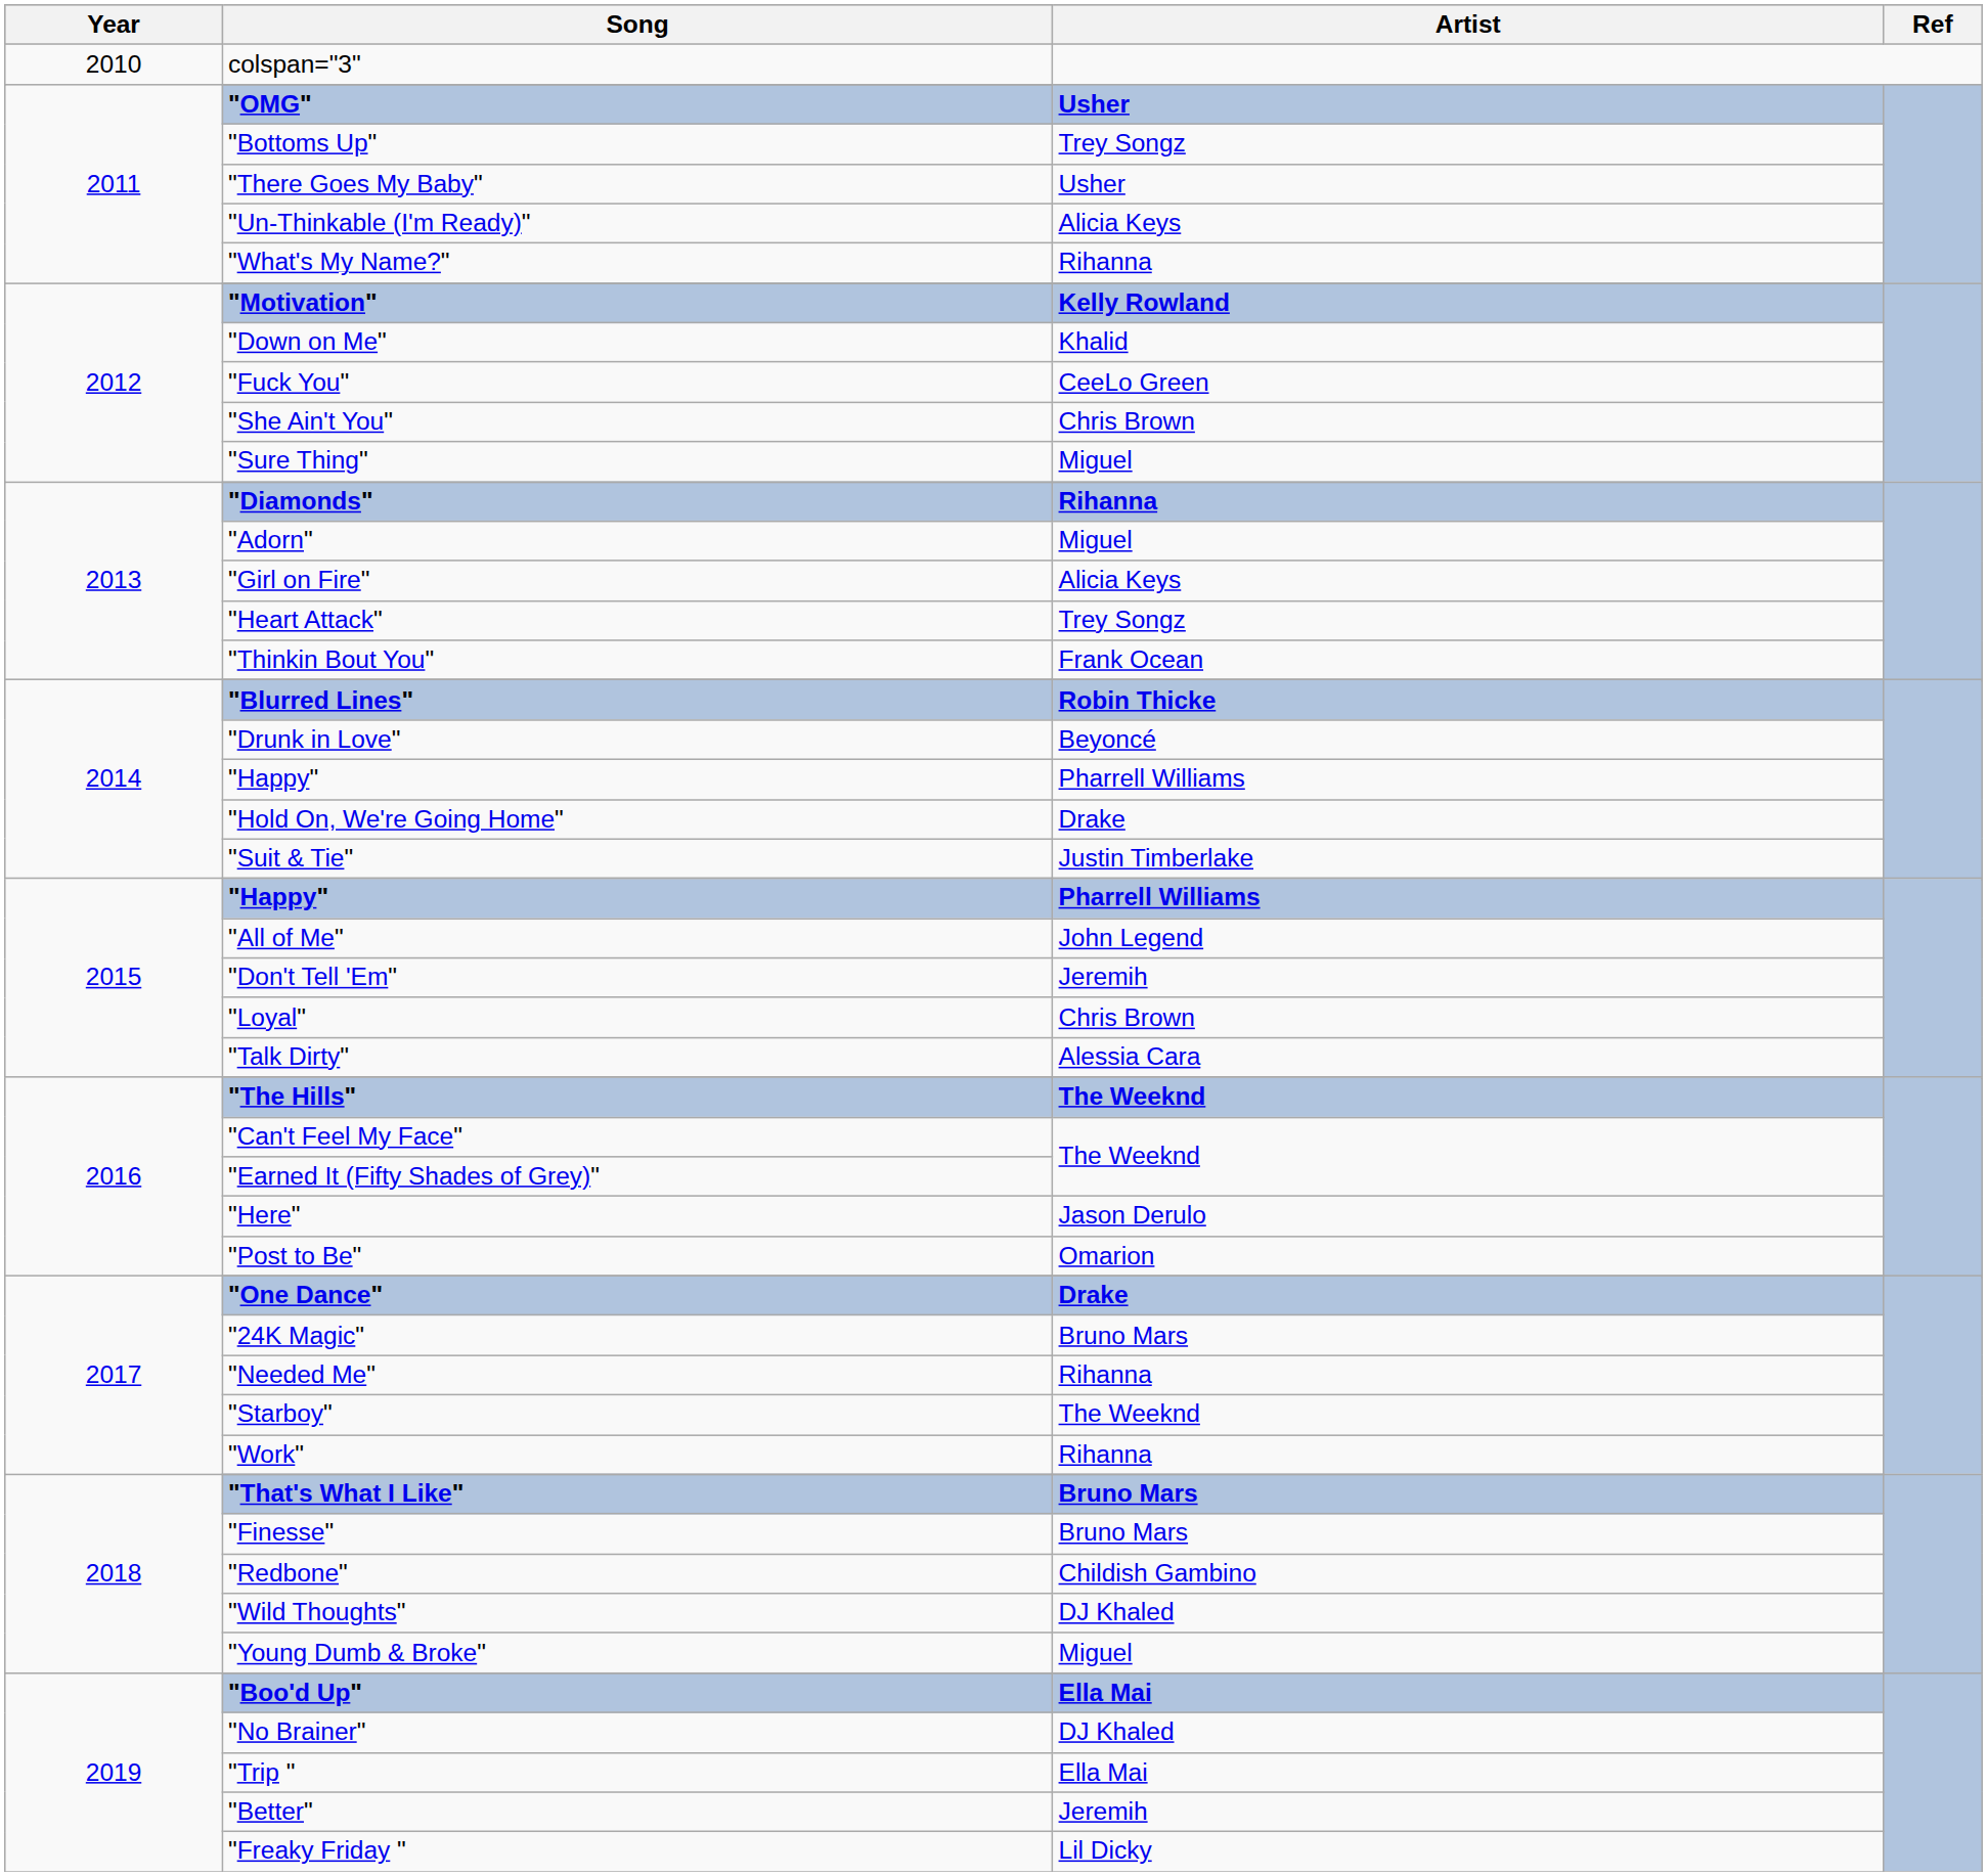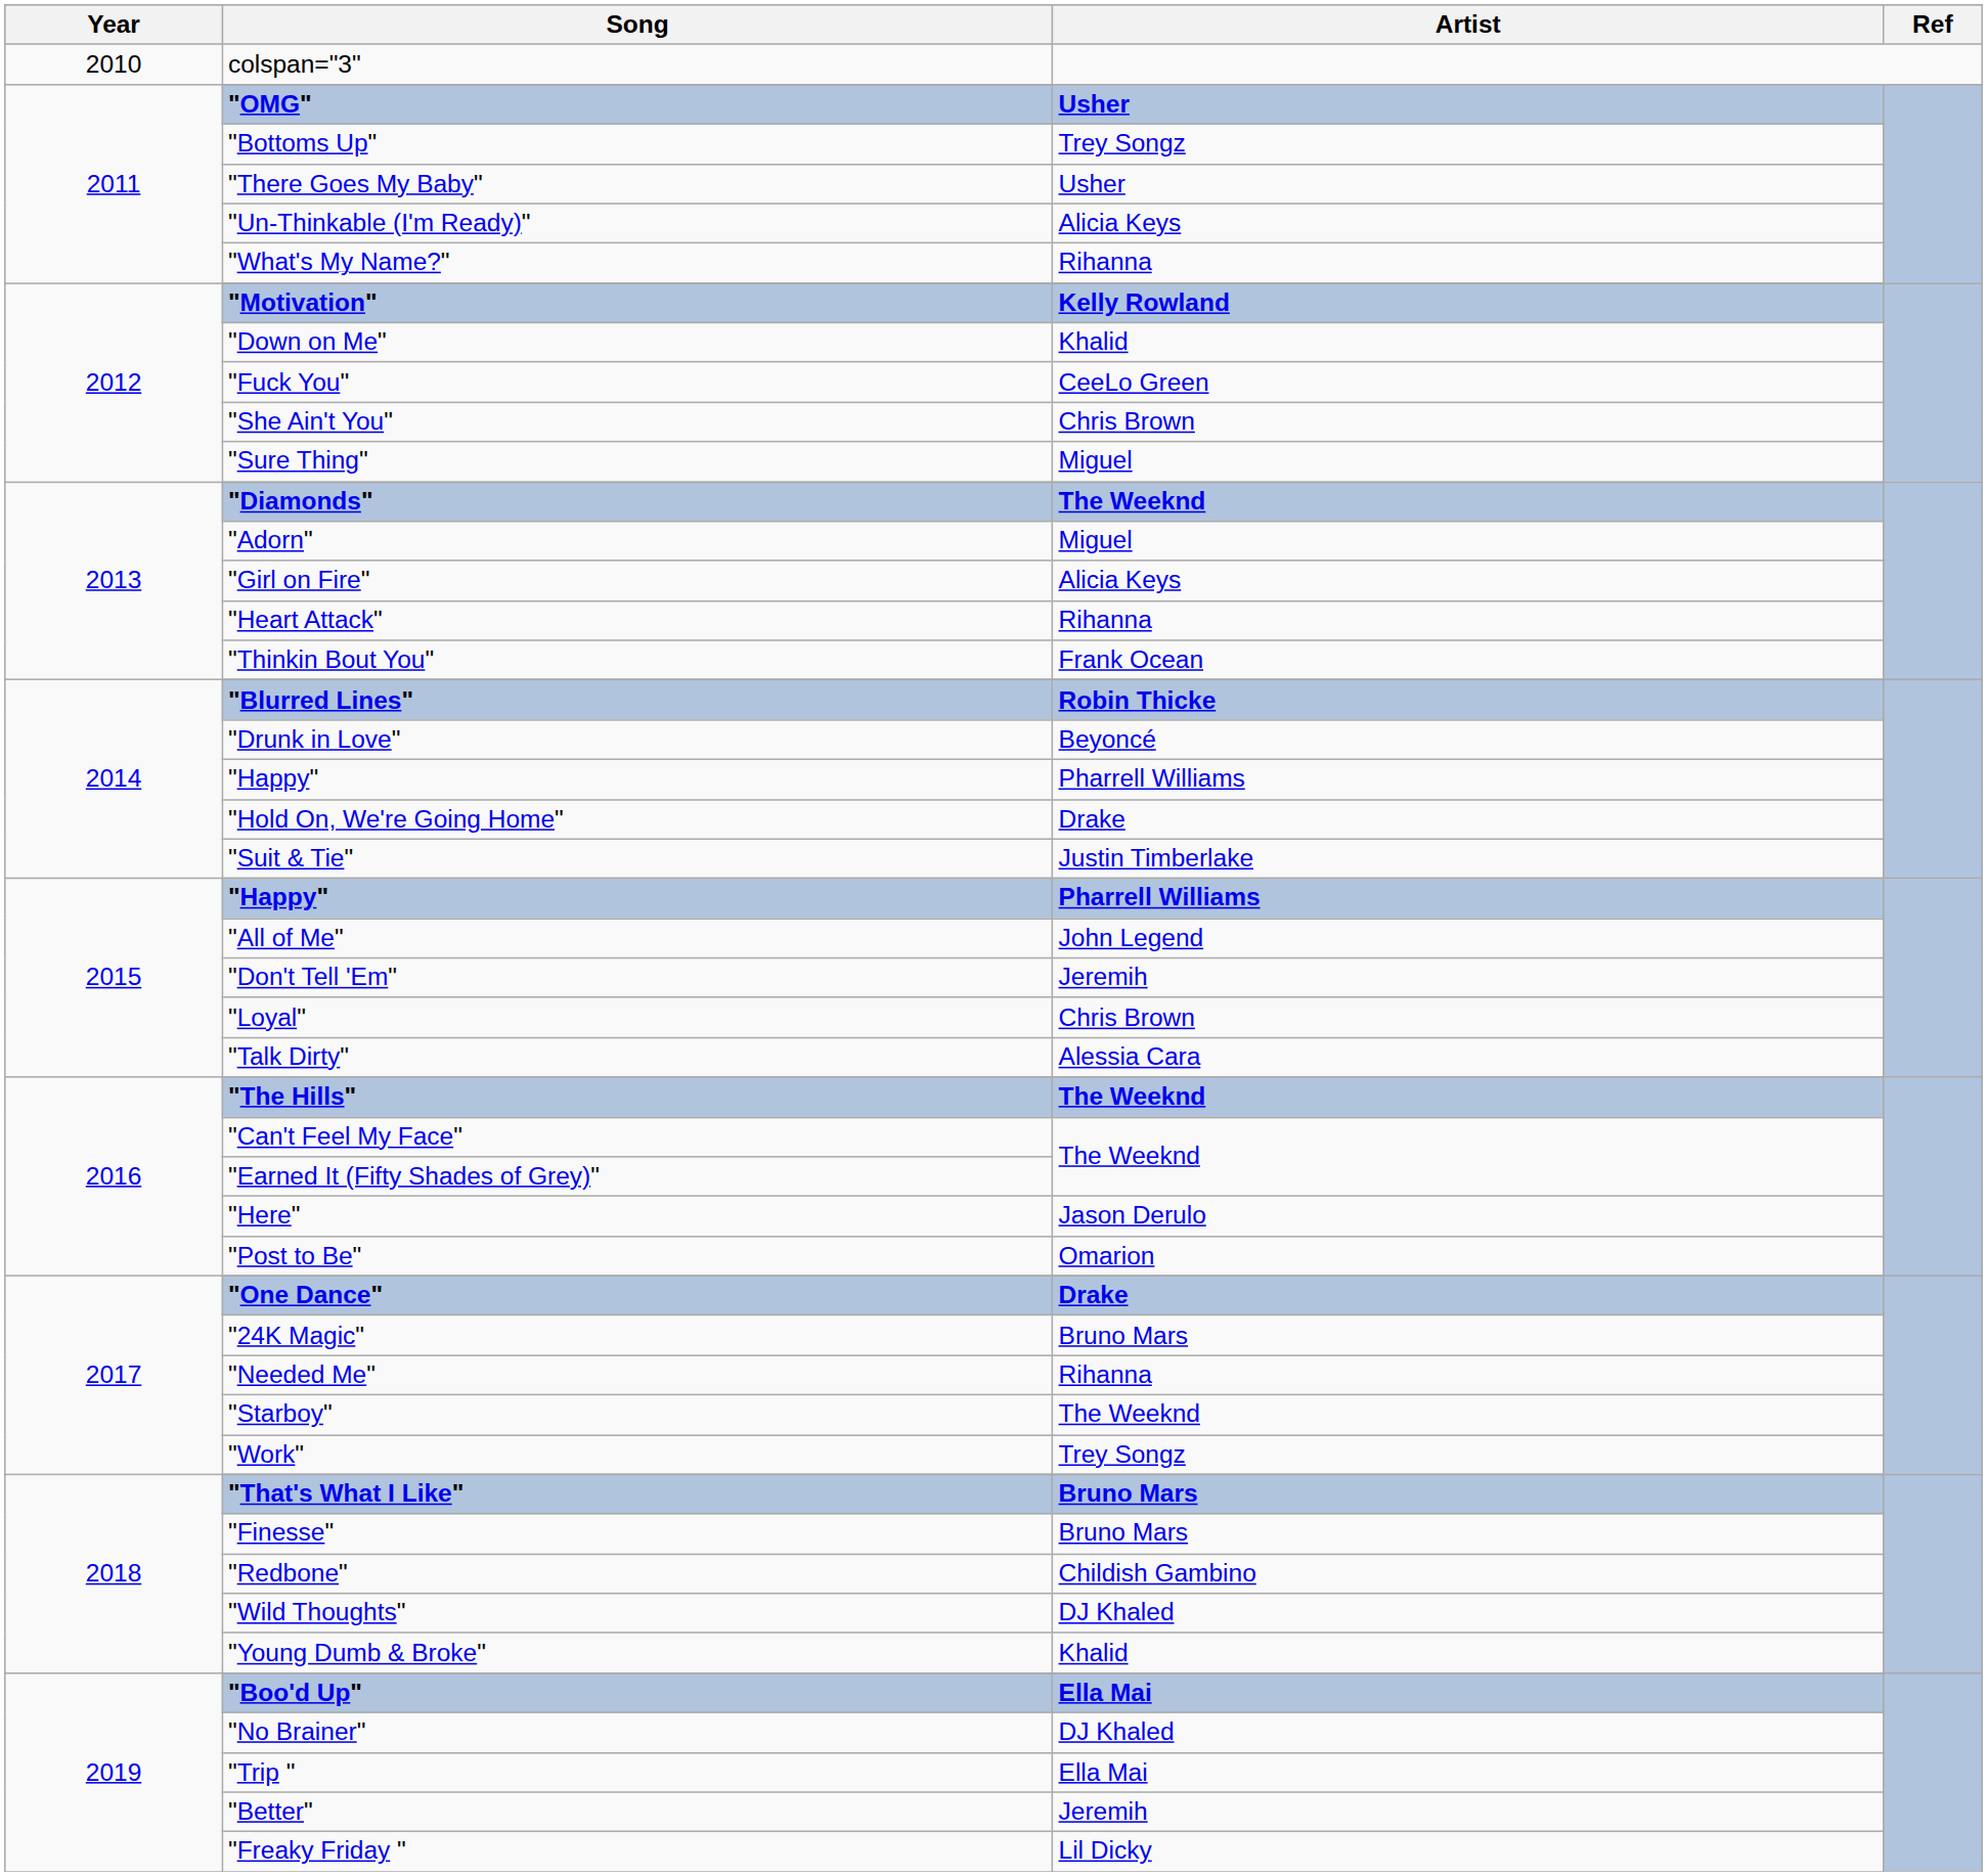 <table class="wikitable" style="width:100%;">
 <tr style="background:#bebebe;">
 <th style="width:11%;">Year</th>
 <th style="width:42%;">Song</th>
 <th style="width:42%;">Artist</th>
 <th style="width:5%;">Ref</th>
 </tr>
 <tr>
 <td align="center">2010</td>
 <td>colspan="3" </td>
 </tr>
 <tr>
 <td rowspan="6" align="center"><a href='#'>2011</a></td>
 </tr>
 <tr style="background:#B0C4DE">
 <td><strong>"<a href='#'>OMG</a>"</strong></td>
 <td><strong><a href='#'>Usher</a> </strong></td>
 <td rowspan="6" align="center"></td>
 </tr>
 <tr>
 <td>"<a href='#'>Bottoms Up</a>"</td>
 <td><a href='#'>Trey Songz</a> </td>
 </tr>
 <tr>
 <td>"<a href='#'>There Goes My Baby</a>"</td>
 <td><a href='#'>Usher</a></td>
 </tr>
 <tr>
 <td>"<a href='#'>Un-Thinkable (I'm Ready)</a>"</td>
 <td><a href='#'>Alicia Keys</a></td>
 </tr>
 <tr>
 <td>"<a href='#'>What's My Name?</a>"</td>
 <td><a href='#'>Rihanna</a> </td>
 </tr>
 <tr>
 <td rowspan="6" align="center"><a href='#'>2012</a></td>
 </tr>
 <tr style="background:#B0C4DE">
 <td><strong>"<a href='#'>Motivation</a>"</strong></td>
 <td><strong><a href='#'>Kelly Rowland</a> </strong></td>
 <td rowspan="6" align="center"></td>
 </tr>
 <tr>
 <td>"<a href='#'>Down on Me</a>"</td>
 <td><a href='#'>Khalid</a></td>
 </tr>
 <tr>
 <td>"<a href='#'>Fuck You</a>"</td>
 <td><a href='#'>CeeLo Green</a></td>
 </tr>
 <tr>
 <td>"<a href='#'>She Ain't You</a>"</td>
 <td><a href='#'>Chris Brown</a></td>
 </tr>
 <tr>
 <td>"<a href='#'>Sure Thing</a>"</td>
 <td><a href='#'>Miguel</a></td>
 </tr>
 <tr>
 <td rowspan="6" align="center"><a href='#'>2013</a></td>
 </tr>
 <tr style="background:#B0C4DE">
 <td><strong>"<a href='#'>Diamonds</a>"</strong></td>
-<td><strong><a href='#'>Rihanna</a></strong></td>
+<td><strong><a href='#'>The Weeknd</a></strong></td>
 <td rowspan="6" align="center"></td>
 </tr>
 <tr>
 <td>"<a href='#'>Adorn</a>"</td>
 <td><a href='#'>Miguel</a></td>
 </tr>
 <tr>
 <td>"<a href='#'>Girl on Fire</a>"</td>
 <td><a href='#'>Alicia Keys</a> </td>
 </tr>
 <tr>
 <td>"<a href='#'>Heart Attack</a>"</td>
-<td><a href='#'>Trey Songz</a></td>
+<td><a href='#'>Rihanna</a> </td>
 </tr>
 <tr>
 <td>"<a href='#'>Thinkin Bout You</a>"</td>
 <td><a href='#'>Frank Ocean</a></td>
 </tr>
 <tr>
 <td rowspan="6" align="center"><a href='#'>2014</a></td>
 </tr>
 <tr style="background:#B0C4DE">
 <td><strong>"<a href='#'>Blurred Lines</a>"</strong></td>
 <td><strong><a href='#'>Robin Thicke</a> </strong></td>
 <td rowspan="6" align="center"></td>
 </tr>
 <tr>
 <td>"<a href='#'>Drunk in Love</a>"</td>
 <td><a href='#'>Beyoncé</a> </td>
 </tr>
 <tr>
 <td>"<a href='#'>Happy</a>"</td>
 <td><a href='#'>Pharrell Williams</a></td>
 </tr>
 <tr>
 <td>"<a href='#'>Hold On, We're Going Home</a>"</td>
 <td><a href='#'>Drake</a> </td>
 </tr>
 <tr>
 <td>"<a href='#'>Suit & Tie</a>"</td>
 <td><a href='#'>Justin Timberlake</a> </td>
 </tr>
 <tr>
 <td rowspan="6" align="center"><a href='#'>2015</a></td>
 </tr>
 <tr style="background:#B0C4DE">
 <td><strong>"<a href='#'>Happy</a>"</strong></td>
 <td><strong><a href='#'>Pharrell Williams</a></strong></td>
 <td rowspan="6" align="center"></td>
 </tr>
 <tr>
 <td>"<a href='#'>All of Me</a>"</td>
 <td><a href='#'>John Legend</a></td>
 </tr>
 <tr>
 <td>"<a href='#'>Don't Tell 'Em</a>"</td>
 <td><a href='#'>Jeremih</a> </td>
 </tr>
 <tr>
 <td>"<a href='#'>Loyal</a>"</td>
 <td><a href='#'>Chris Brown</a> </td>
 </tr>
 <tr>
 <td>"<a href='#'>Talk Dirty</a>"</td>
 <td><a href='#'>Alessia Cara</a></td>
 </tr>
 <tr>
 <td rowspan="6" align="center"><a href='#'>2016</a></td>
 </tr>
 <tr style="background:#B0C4DE">
 <td><strong>"<a href='#'>The Hills</a>"</strong></td>
 <td><strong><a href='#'>The Weeknd</a></strong></td>
 <td rowspan="6" align="center"></td>
 </tr>
 <tr>
 <td>"<a href='#'>Can't Feel My Face</a>"</td>
 <td rowspan="2"><a href='#'>The Weeknd</a></td>
 </tr>
 <tr>
 <td>"<a href='#'>Earned It (Fifty Shades of Grey)</a>"</td>
 </tr>
 <tr>
 <td>"<a href='#'>Here</a>"</td>
 <td><a href='#'>Jason Derulo</a> </td>
 </tr>
 <tr>
 <td>"<a href='#'>Post to Be</a>"</td>
 <td><a href='#'>Omarion</a> </td>
 </tr>
 <tr>
 <td rowspan="6" align="center"><a href='#'>2017</a></td>
 </tr>
 <tr style="background:#B0C4DE">
 <td><strong>"<a href='#'>One Dance</a>"</strong></td>
 <td><strong><a href='#'>Drake</a> </strong></td>
 <td rowspan="6" align="center"></td>
 </tr>
 <tr>
 <td>"<a href='#'>24K Magic</a>"</td>
 <td><a href='#'>Bruno Mars</a></td>
 </tr>
 <tr>
 <td>"<a href='#'>Needed Me</a>"</td>
 <td><a href='#'>Rihanna</a></td>
 </tr>
 <tr>
 <td>"<a href='#'>Starboy</a>"</td>
 <td><a href='#'>The Weeknd</a> </td>
 </tr>
 <tr>
 <td>"<a href='#'>Work</a>"</td>
-<td><a href='#'>Rihanna</a> </td>
+<td><a href='#'>Trey Songz</a></td>
 </tr>
 <tr>
 <td rowspan="6" align="center"><a href='#'>2018</a></td>
 </tr>
 <tr style="background:#B0C4DE">
 <td><strong>"<a href='#'>That's What I Like</a>"</strong></td>
 <td><strong><a href='#'>Bruno Mars</a></strong></td>
 <td rowspan="6" align="center"></td>
 </tr>
 <tr>
 <td>"<a href='#'>Finesse</a>"</td>
 <td><a href='#'>Bruno Mars</a> </td>
 </tr>
 <tr>
 <td>"<a href='#'>Redbone</a>"</td>
 <td><a href='#'>Childish Gambino</a></td>
 </tr>
 <tr>
 <td>"<a href='#'>Wild Thoughts</a>"</td>
 <td><a href='#'>DJ Khaled</a> </td>
 </tr>
 <tr>
 <td>"<a href='#'>Young Dumb & Broke</a>"</td>
-<td><a href='#'>Miguel</a></td>
+<td><a href='#'>Khalid</a></td>
 </tr>
 <tr>
 <td rowspan="6" align="center"><a href='#'>2019</a></td>
 </tr>
 <tr style="background:#B0C4DE">
 <td><strong>"<a href='#'>Boo'd Up</a>"</strong></td>
 <td><strong><a href='#'>Ella Mai</a></strong></td>
 <td rowspan="6" align="center"></td>
 </tr>
 <tr>
 <td>"<a href='#'>No Brainer</a>"</td>
 <td><a href='#'>DJ Khaled</a> </td>
 </tr>
 <tr>
 <td>"<a href='#'>Trip</a> "</td>
 <td><a href='#'>Ella Mai</a></td>
 </tr>
 <tr>
 <td>"<a href='#'>Better</a>"</td>
 <td><a href='#'>Jeremih</a> </td>
 </tr>
 <tr>
 <td>"<a href='#'>Freaky Friday</a> "</td>
 <td><a href='#'>Lil Dicky</a> </td>
 </tr>
 </table>
